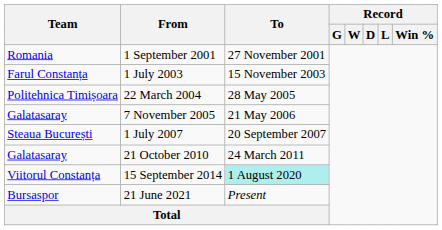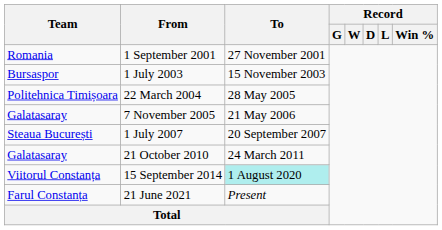 <table class="wikitable" style="text-align: center">
 <tr>
 <th rowspan="2">Team</th>
 <th rowspan="2">From</th>
 <th rowspan="2">To</th>
 <th colspan="5">Record</th>
 </tr>
 <tr>
 <th>G</th>
 <th>W</th>
 <th>D</th>
 <th>L</th>
 <th>Win %</th>
 </tr>
 <tr>
 <td align=left> <a href='#'>Romania</a></td>
 <td align=left>1 September 2001</td>
 <td align=left>27 November 2001<br></td>
 </tr>
 <tr>
-<td align=left> <a href='#'>Farul Constanța</a></td>
+<td align=left> <a href='#'>Bursaspor</a></td>
 <td align=left>1 July 2003</td>
 <td align=left>15 November 2003<br></td>
 </tr>
 <tr>
 <td align=left> <a href='#'>Politehnica Timișoara</a></td>
 <td align=left>22 March 2004</td>
 <td align=left>28 May 2005<br></td>
 </tr>
 <tr>
 <td align=left> <a href='#'>Galatasaray</a></td>
 <td align=left>7 November 2005</td>
 <td align=left>21 May 2006<br></td>
 </tr>
 <tr>
 <td align=left> <a href='#'>Steaua București</a></td>
 <td align=left>1 July 2007</td>
 <td align=left>20 September 2007<br></td>
 </tr>
 <tr>
 <td align=left> <a href='#'>Galatasaray</a></td>
 <td align=left>21 October 2010</td>
 <td align=left>24 March 2011<br></td>
 </tr>
 <tr>
 <td align=left> <a href='#'>Viitorul Constanța</a></td>
 <td align=left>15 September 2014</td>
 <td align=left style="background: paleturquoise;">1 August 2020<br></td>
 </tr>
 <tr>
-<td align=left> <a href='#'>Bursaspor</a></td>
+<td align=left> <a href='#'>Farul Constanța</a></td>
 <td align=left>21 June 2021</td>
 <td align=left><em> Present </em><br></td>
 </tr>
 <tr>
 <th colspan="3" style="text-align:center; vertical-align:middle;">Total<br></th>
 </tr>
 </table>
